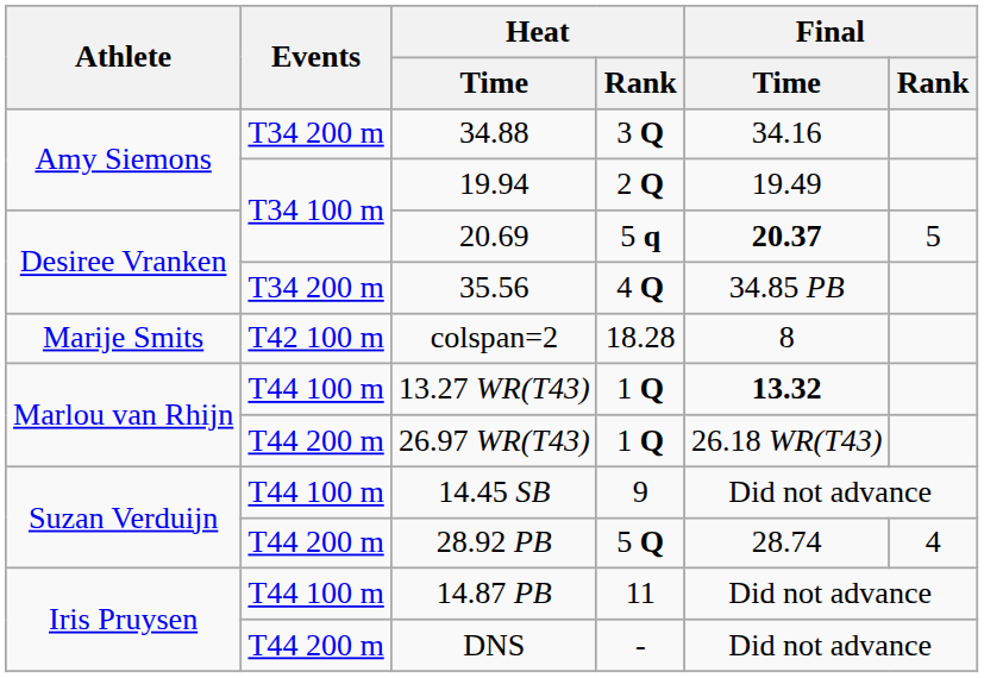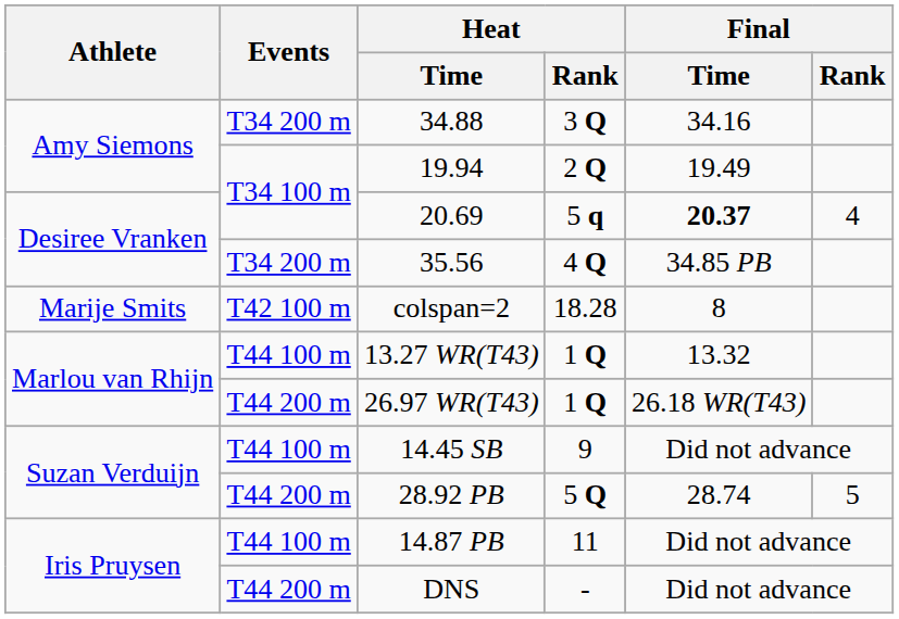 <table class=wikitable style="font-size:90%;text-align:center">
 <tr>
 <th rowspan="2">Athlete</th>
 <th rowspan="2">Events</th>
 <th colspan="2">Heat</th>
 <th colspan="2">Final</th>
 </tr>
 <tr>
 <th>Time</th>
 <th>Rank</th>
 <th>Time</th>
 <th>Rank</th>
 </tr>
 <tr>
 <td rowspan=2><a href='#'>Amy Siemons</a></td>
 <td><a href='#'>T34 200 m</a></td>
 <td>34.88</td>
 <td>3 <strong>Q</strong></td>
 <td>34.16</td>
 <td></td>
 </tr>
 <tr>
 <td rowspan=2><a href='#'>T34 100 m</a></td>
 <td>19.94</td>
 <td>2 <strong>Q</strong></td>
 <td>19.49</td>
 <td></td>
 </tr>
 <tr>
 <td rowspan=2><a href='#'>Desiree Vranken</a></td>
 <td>20.69</td>
 <td>5 <strong>q</strong></td>
 <td><strong>20.37</strong></td>
-<td>5</td>
+<td>4</td>
 </tr>
 <tr>
 <td><a href='#'>T34 200 m</a></td>
 <td>35.56</td>
 <td>4 <strong>Q</strong></td>
 <td>34.85 <em>PB</em></td>
 <td></td>
 </tr>
 <tr>
 <td><a href='#'>Marije Smits</a></td>
 <td><a href='#'>T42 100 m</a></td>
 <td>colspan=2 </td>
 <td>18.28</td>
 <td>8</td>
 </tr>
 <tr>
 <td rowspan=2><a href='#'>Marlou van Rhijn</a></td>
 <td><a href='#'>T44 100 m</a></td>
 <td>13.27 <em>WR(T43)</em></td>
 <td>1 <strong>Q</strong></td>
-<td><strong>13.32</strong></td>
+<td>13.32</td>
 <td></td>
 </tr>
 <tr>
 <td><a href='#'>T44 200 m</a></td>
 <td>26.97 <em>WR(T43)</em></td>
 <td>1 <strong>Q</strong></td>
 <td>26.18 <em>WR(T43)</em></td>
 <td></td>
 </tr>
 <tr>
 <td rowspan=2><a href='#'>Suzan Verduijn</a></td>
 <td><a href='#'>T44 100 m</a></td>
 <td>14.45 <em>SB</em></td>
 <td>9</td>
 <td colspan=2>Did not advance</td>
 </tr>
 <tr>
 <td><a href='#'>T44 200 m</a></td>
 <td>28.92 <em>PB</em></td>
 <td>5 <strong>Q</strong></td>
 <td>28.74</td>
-<td>4</td>
+<td>5</td>
 </tr>
 <tr>
 <td rowspan=2><a href='#'>Iris Pruysen</a></td>
 <td><a href='#'>T44 100 m</a></td>
 <td>14.87 <em>PB</em></td>
 <td>11</td>
 <td colspan=2>Did not advance</td>
 </tr>
 <tr>
 <td><a href='#'>T44 200 m</a></td>
 <td>DNS</td>
 <td>-</td>
 <td colspan=2>Did not advance</td>
 </tr>
 </table>
